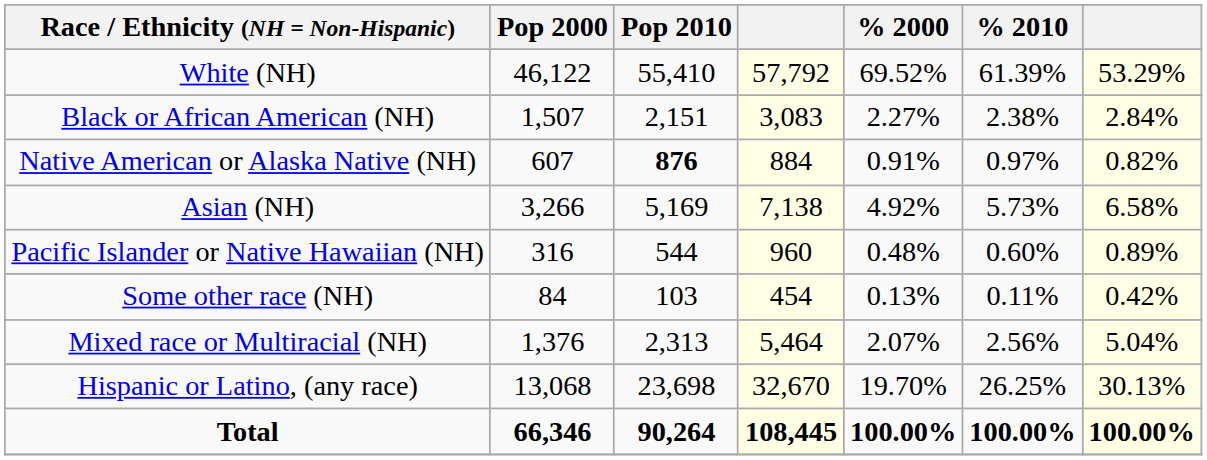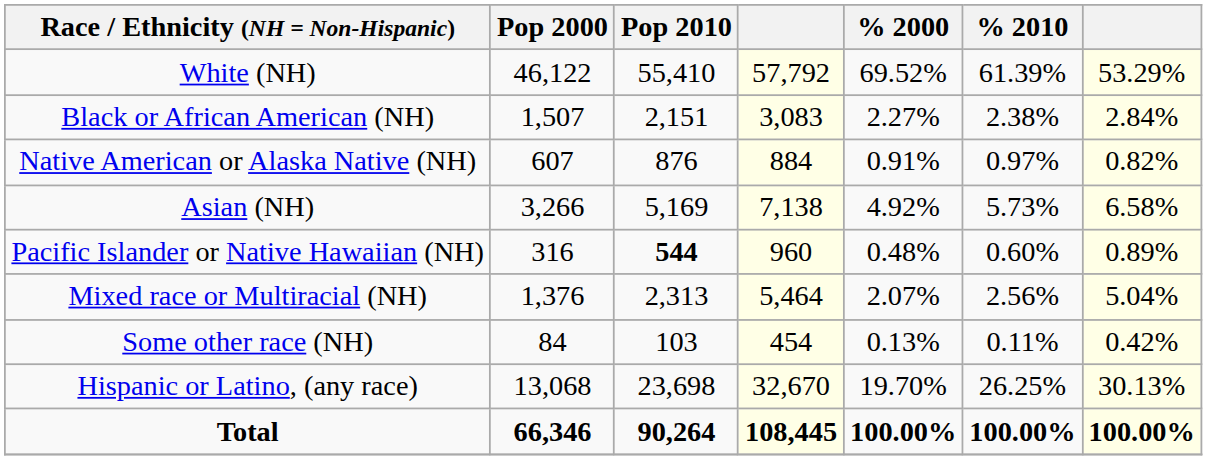 <table class="wikitable" style="text-align:center;">
 <tr>
 <th>Race / Ethnicity <small>(<em>NH = Non-Hispanic</em>)</small></th>
 <th>Pop 2000</th>
 <th>Pop 2010</th>
 <th></th>
 <th>% 2000</th>
 <th>% 2010</th>
 <th></th>
 </tr>
 <tr>
 <td><a href='#'>White</a> (NH)</td>
 <td>46,122</td>
 <td>55,410</td>
 <td style='background: #ffffe6;'>57,792</td>
 <td>69.52%</td>
 <td>61.39%</td>
 <td style='background: #ffffe6;'>53.29%</td>
 </tr>
 <tr>
 <td><a href='#'>Black or African American</a> (NH)</td>
 <td>1,507</td>
 <td>2,151</td>
 <td style='background: #ffffe6;'>3,083</td>
 <td>2.27%</td>
 <td>2.38%</td>
 <td style='background: #ffffe6;'>2.84%</td>
 </tr>
 <tr>
 <td><a href='#'>Native American</a> or <a href='#'>Alaska Native</a> (NH)</td>
 <td>607</td>
-<td><strong>876</strong></td>
+<td>876</td>
 <td style='background: #ffffe6;'>884</td>
 <td>0.91%</td>
 <td>0.97%</td>
 <td style='background: #ffffe6;'>0.82%</td>
 </tr>
 <tr>
 <td><a href='#'>Asian</a> (NH)</td>
 <td>3,266</td>
 <td>5,169</td>
 <td style='background: #ffffe6;'>7,138</td>
 <td>4.92%</td>
 <td>5.73%</td>
 <td style='background: #ffffe6;'>6.58%</td>
 </tr>
 <tr>
 <td><a href='#'>Pacific Islander</a> or <a href='#'>Native Hawaiian</a> (NH)</td>
 <td>316</td>
-<td>544</td>
+<td><strong>544</strong></td>
 <td style='background: #ffffe6;'>960</td>
 <td>0.48%</td>
 <td>0.60%</td>
 <td style='background: #ffffe6;'>0.89%</td>
+</tr>
+<tr>
+<td><a href='#'>Mixed race or Multiracial</a> (NH)</td>
+<td>1,376</td>
+<td>2,313</td>
+<td style='background: #ffffe6;'>5,464</td>
+<td>2.07%</td>
+<td>2.56%</td>
+<td style='background: #ffffe6;'>5.04%</td>
 </tr>
 <tr>
 <td><a href='#'>Some other race</a> (NH)</td>
 <td>84</td>
 <td>103</td>
 <td style='background: #ffffe6;'>454</td>
 <td>0.13%</td>
 <td>0.11%</td>
 <td style='background: #ffffe6;'>0.42%</td>
-</tr>
-<tr>
-<td><a href='#'>Mixed race or Multiracial</a> (NH)</td>
-<td>1,376</td>
-<td>2,313</td>
-<td style='background: #ffffe6;'>5,464</td>
-<td>2.07%</td>
-<td>2.56%</td>
-<td style='background: #ffffe6;'>5.04%</td>
 </tr>
 <tr>
 <td><a href='#'>Hispanic or Latino</a>, (any race)</td>
 <td>13,068</td>
 <td>23,698</td>
 <td style='background: #ffffe6;'>32,670</td>
 <td>19.70%</td>
 <td>26.25%</td>
 <td style='background: #ffffe6;'>30.13%</td>
 </tr>
 <tr>
 <td><strong>Total</strong></td>
 <td><strong>66,346</strong></td>
 <td><strong>90,264</strong></td>
 <td style='background: #ffffe6;'><strong>108,445</strong></td>
 <td><strong>100.00%</strong></td>
 <td><strong>100.00%</strong></td>
 <td style='background: #ffffe6;'><strong>100.00%</strong></td>
 </tr>
 <tr>
 </tr>
 </table>
